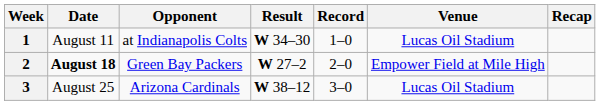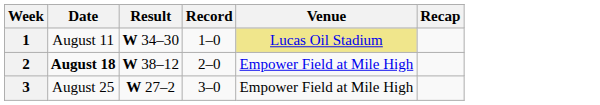 <table class="wikitable" style="text-align:center">
 <tr>
 <th>Week</th>
 <th>Date</th>
-<th>Opponent</th>
 <th>Result</th>
 <th>Record</th>
 <th>Venue</th>
 <th>Recap</th>
 </tr>
 <tr>
 <th>1</th>
 <td>August 11</td>
-<td>at <a href='#'>Indianapolis Colts</a></td>
 <td><strong>W</strong> 34–30</td>
 <td>1–0</td>
-<td><a href='#'>Lucas Oil Stadium</a></td>
+<td style="background: khaki;"><a href='#'>Lucas Oil Stadium</a></td>
 <td></td>
 </tr>
 <tr>
 <th>2</th>
 <td><strong>August 18</strong></td>
-<td><a href='#'>Green Bay Packers</a></td>
-<td><strong>W</strong> 27–2</td>
+<td><strong>W</strong> 38–12</td>
 <td>2–0</td>
 <td><a href='#'>Empower Field at Mile High</a></td>
 <td></td>
 </tr>
 <tr>
 <th>3</th>
 <td>August 25</td>
-<td><a href='#'>Arizona Cardinals</a></td>
-<td><strong>W</strong> 38–12</td>
+<td><strong>W</strong> 27–2</td>
 <td>3–0</td>
-<td><a href='#'>Lucas Oil Stadium</a></td>
+<td>Empower Field at Mile High</td>
 <td></td>
 </tr>
 </table>
